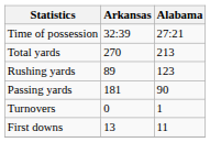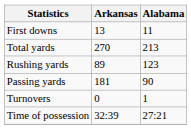 <table class="wikitable" style="float: left;">
 <tr>
 <th>Statistics</th>
 <th>Arkansas</th>
 <th>Alabama</th>
 </tr>
 <tr>
-<td>Time of possession</td>
-<td>32:39</td>
-<td>27:21</td>
+<td>First downs</td>
+<td>13</td>
+<td>11</td>
 </tr>
 <tr>
 <td>Total yards</td>
 <td>270</td>
 <td>213</td>
 </tr>
 <tr>
 <td>Rushing yards</td>
 <td>89</td>
 <td>123</td>
 </tr>
 <tr>
 <td>Passing yards</td>
 <td>181</td>
 <td>90</td>
 </tr>
 <tr>
 <td>Turnovers</td>
 <td>0</td>
 <td>1</td>
 </tr>
 <tr>
-<td>First downs</td>
-<td>13</td>
-<td>11</td>
+<td>Time of possession</td>
+<td>32:39</td>
+<td>27:21</td>
 </tr>
 <tr>
 </tr>
 </table>
